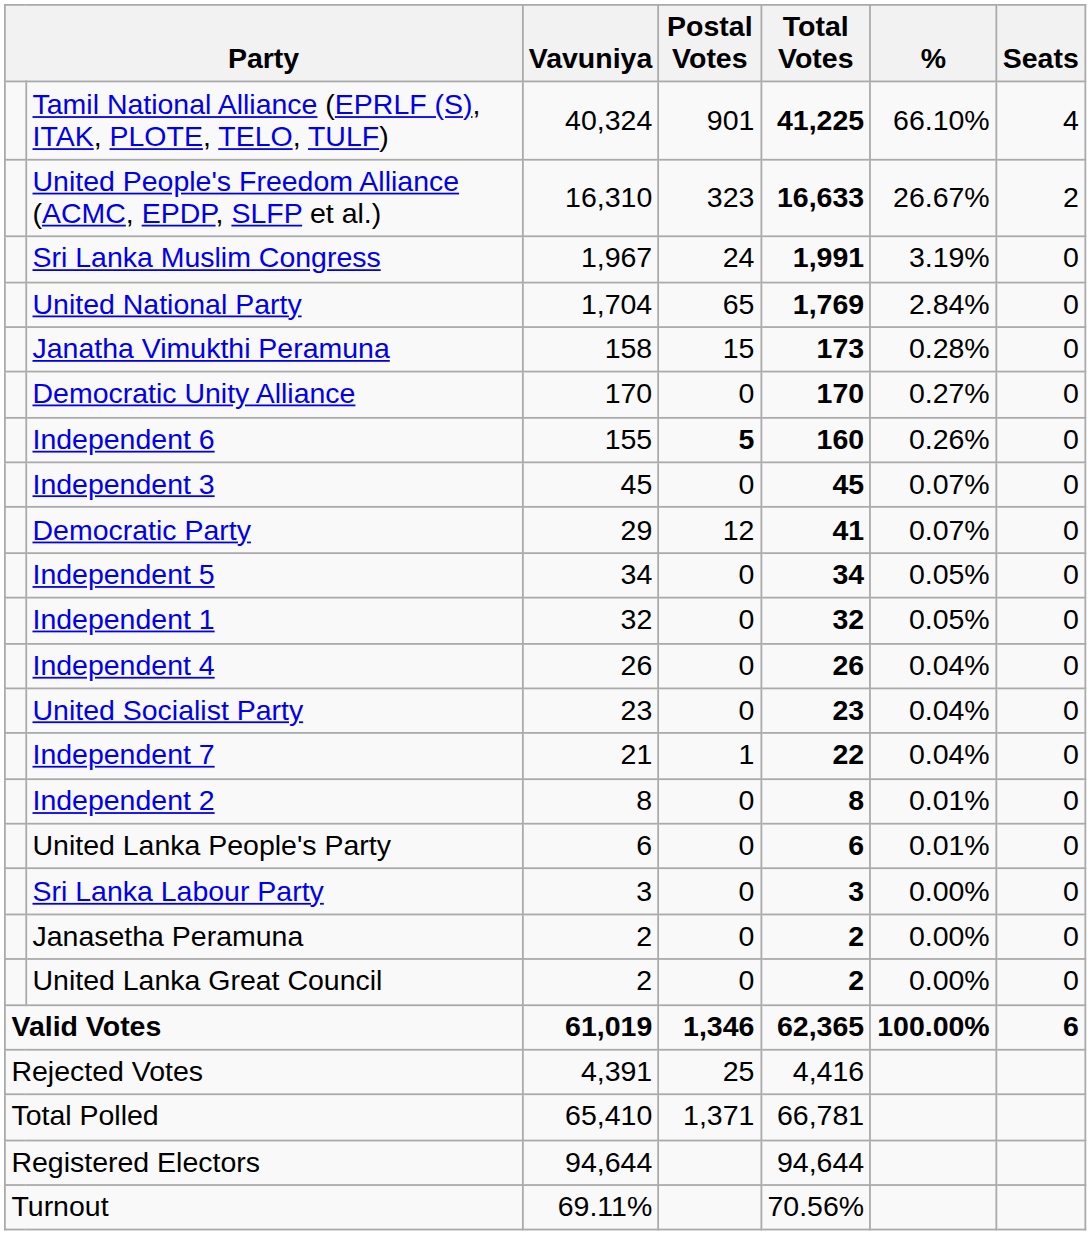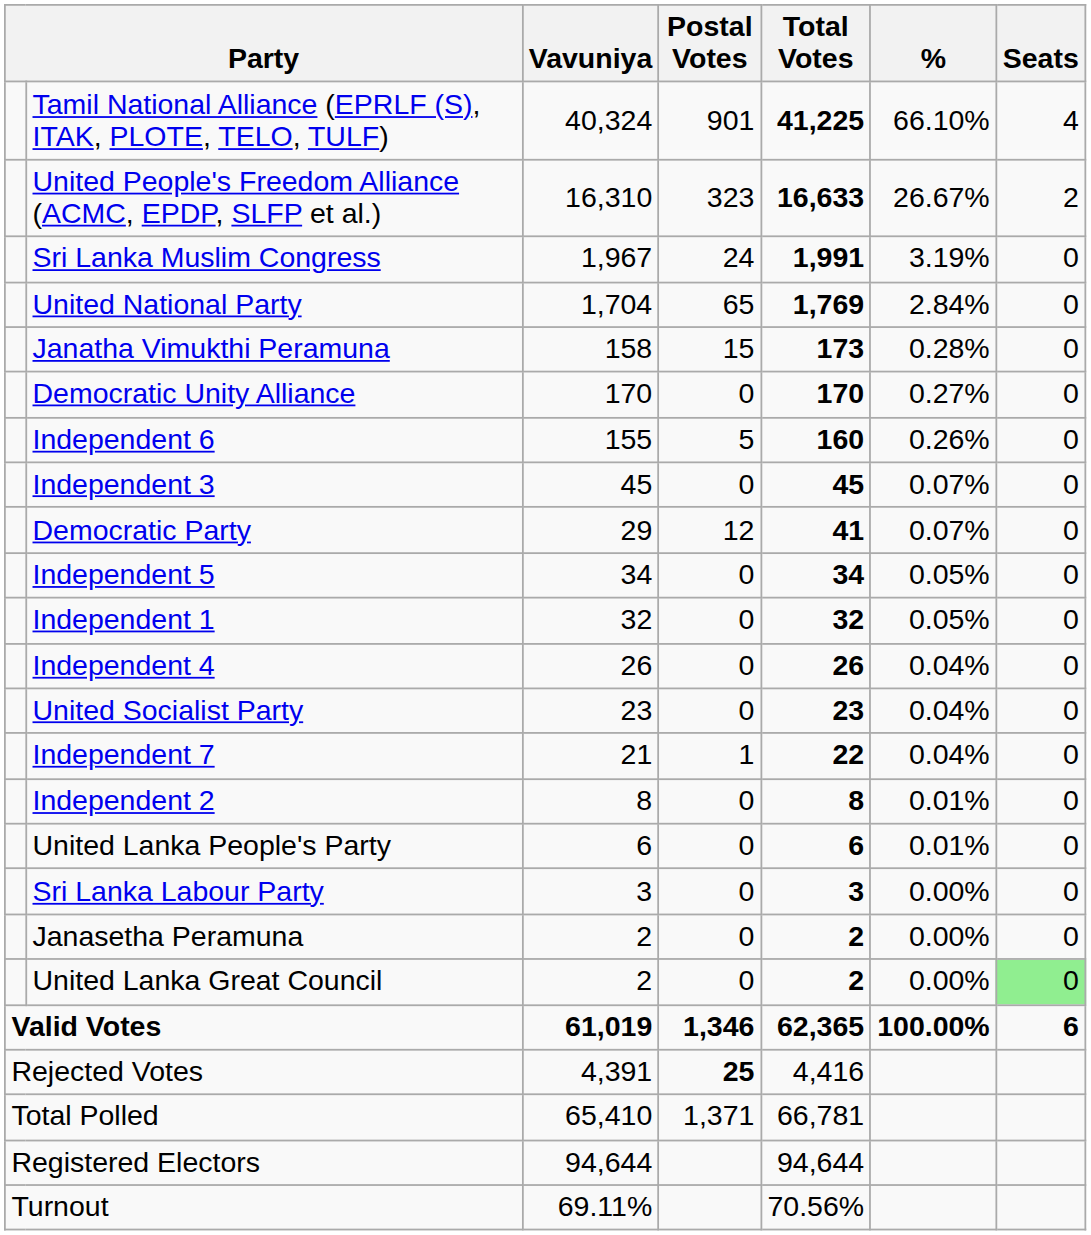 <table class="wikitable" border="1" style="text-align:right;">
 <tr>
 <th align=left valign=bottom colspan=2>Party</th>
 <th align=center valign=bottom width="50">Vavuniya</th>
 <th align=center valign=bottom width="50">Postal<br>Votes</th>
 <th align=center valign=bottom width="50">Total Votes</th>
 <th align=center valign=bottom width="50">%</th>
 <th align=center valign=bottom width="40">Seats</th>
 </tr>
 <tr>
 <td bgcolor=> </td>
 <td align=left><a href='#'>Tamil National Alliance</a> (<a href='#'>EPRLF (S)</a>, <a href='#'>ITAK</a>, <a href='#'>PLOTE</a>, <a href='#'>TELO</a>, <a href='#'>TULF</a>)</td>
 <td>40,324</td>
 <td>901</td>
 <td><strong>41,225</strong></td>
 <td>66.10%</td>
 <td>4</td>
 </tr>
 <tr>
 <td bgcolor=> </td>
 <td align=left><a href='#'>United People's Freedom Alliance</a> (<a href='#'>ACMC</a>, <a href='#'>EPDP</a>, <a href='#'>SLFP</a> et al.)</td>
 <td>16,310</td>
 <td>323</td>
 <td><strong>16,633</strong></td>
 <td>26.67%</td>
 <td>2</td>
 </tr>
 <tr>
 <td bgcolor=> </td>
 <td align=left><a href='#'>Sri Lanka Muslim Congress</a></td>
 <td>1,967</td>
 <td>24</td>
 <td><strong>1,991</strong></td>
 <td>3.19%</td>
 <td>0</td>
 </tr>
 <tr>
 <td bgcolor=> </td>
 <td align=left><a href='#'>United National Party</a></td>
 <td>1,704</td>
 <td>65</td>
 <td><strong>1,769</strong></td>
 <td>2.84%</td>
 <td>0</td>
 </tr>
 <tr>
 <td bgcolor=> </td>
 <td align=left><a href='#'>Janatha Vimukthi Peramuna</a></td>
 <td>158</td>
 <td>15</td>
 <td><strong>173</strong></td>
 <td>0.28%</td>
 <td>0</td>
 </tr>
 <tr>
 <td bgcolor=> </td>
 <td align=left><a href='#'>Democratic Unity Alliance</a></td>
 <td>170</td>
 <td>0</td>
 <td><strong>170</strong></td>
 <td>0.27%</td>
 <td>0</td>
 </tr>
 <tr>
 <td bgcolor=> </td>
 <td align=left><a href='#'>Independent 6</a></td>
 <td>155</td>
-<td><strong>5</strong></td>
+<td>5</td>
 <td><strong>160</strong></td>
 <td>0.26%</td>
 <td>0</td>
 </tr>
 <tr>
 <td bgcolor=> </td>
 <td align=left><a href='#'>Independent 3</a></td>
 <td>45</td>
 <td>0</td>
 <td><strong>45</strong></td>
 <td>0.07%</td>
 <td>0</td>
 </tr>
 <tr>
 <td bgcolor=> </td>
 <td align=left><a href='#'>Democratic Party</a></td>
 <td>29</td>
 <td>12</td>
 <td><strong>41</strong></td>
 <td>0.07%</td>
 <td>0</td>
 </tr>
 <tr>
 <td bgcolor=> </td>
 <td align=left><a href='#'>Independent 5</a></td>
 <td>34</td>
 <td>0</td>
 <td><strong>34</strong></td>
 <td>0.05%</td>
 <td>0</td>
 </tr>
 <tr>
 <td bgcolor=> </td>
 <td align=left><a href='#'>Independent 1</a></td>
 <td>32</td>
 <td>0</td>
 <td><strong>32</strong></td>
 <td>0.05%</td>
 <td>0</td>
 </tr>
 <tr>
 <td bgcolor=> </td>
 <td align=left><a href='#'>Independent 4</a></td>
 <td>26</td>
 <td>0</td>
 <td><strong>26</strong></td>
 <td>0.04%</td>
 <td>0</td>
 </tr>
 <tr>
 <td bgcolor=> </td>
 <td align=left><a href='#'>United Socialist Party</a></td>
 <td>23</td>
 <td>0</td>
 <td><strong>23</strong></td>
 <td>0.04%</td>
 <td>0</td>
 </tr>
 <tr>
 <td bgcolor=> </td>
 <td align=left><a href='#'>Independent 7</a></td>
 <td>21</td>
 <td>1</td>
 <td><strong>22</strong></td>
 <td>0.04%</td>
 <td>0</td>
 </tr>
 <tr>
 <td bgcolor=> </td>
 <td align=left><a href='#'>Independent 2</a></td>
 <td>8</td>
 <td>0</td>
 <td><strong>8</strong></td>
 <td>0.01%</td>
 <td>0</td>
 </tr>
 <tr>
 <td></td>
 <td align=left>United Lanka People's Party</td>
 <td>6</td>
 <td>0</td>
 <td><strong>6</strong></td>
 <td>0.01%</td>
 <td>0</td>
 </tr>
 <tr>
 <td></td>
 <td align=left><a href='#'>Sri Lanka Labour Party</a></td>
 <td>3</td>
 <td>0</td>
 <td><strong>3</strong></td>
 <td>0.00%</td>
 <td>0</td>
 </tr>
 <tr>
 <td></td>
 <td align=left>Janasetha Peramuna</td>
 <td>2</td>
 <td>0</td>
 <td><strong>2</strong></td>
 <td>0.00%</td>
 <td>0</td>
 </tr>
 <tr>
 <td></td>
 <td align=left>United Lanka Great Council</td>
 <td>2</td>
 <td>0</td>
 <td><strong>2</strong></td>
 <td>0.00%</td>
-<td>0</td>
+<td style="background: lightgreen;">0</td>
 </tr>
 <tr style="font-weight:bold">
 <td align=left colspan=2>Valid Votes</td>
 <td>61,019</td>
 <td>1,346</td>
 <td>62,365</td>
 <td>100.00%</td>
 <td>6</td>
 </tr>
 <tr>
 <td align=left colspan=2>Rejected Votes</td>
 <td>4,391</td>
-<td>25</td>
+<td><strong>25</strong></td>
 <td>4,416</td>
 <td></td>
 <td></td>
 </tr>
 <tr>
 <td align=left colspan=2>Total Polled</td>
 <td>65,410</td>
 <td>1,371</td>
 <td>66,781</td>
 <td></td>
 <td></td>
 </tr>
 <tr>
 <td align=left colspan=2>Registered Electors</td>
 <td>94,644</td>
 <td></td>
 <td>94,644</td>
 <td></td>
 <td></td>
 </tr>
 <tr>
 <td align=left colspan=2>Turnout</td>
 <td>69.11%</td>
 <td></td>
 <td>70.56%</td>
 <td></td>
 <td></td>
 </tr>
 </table>
